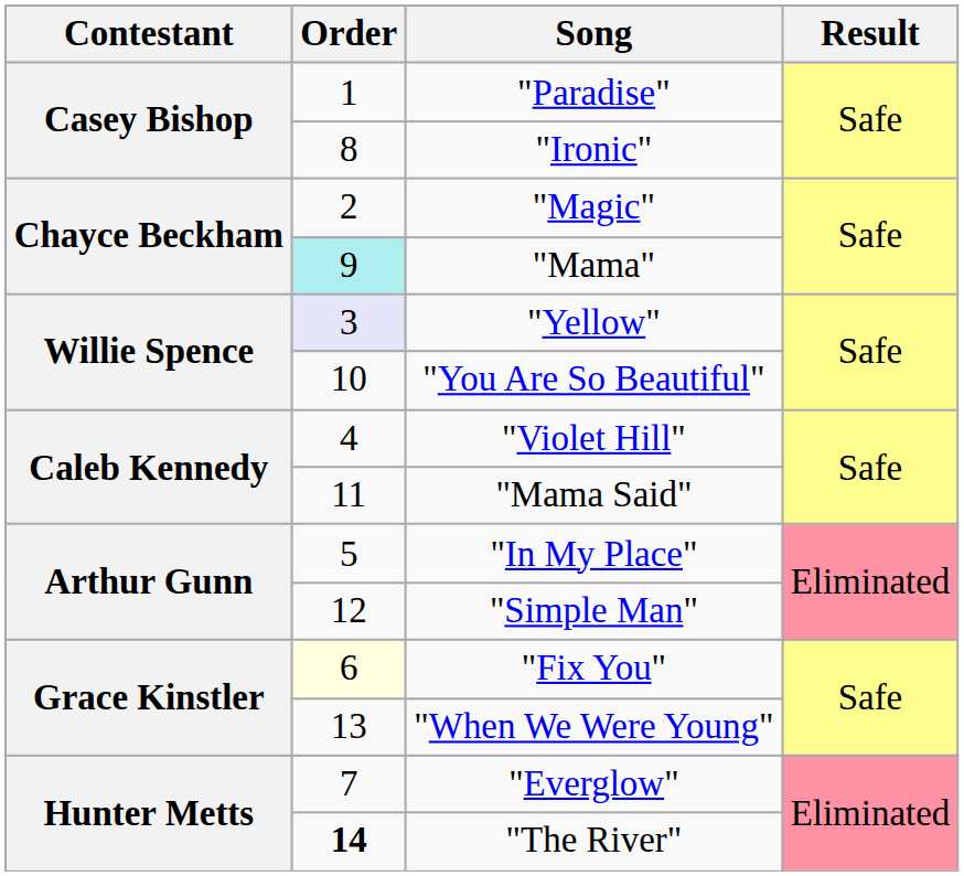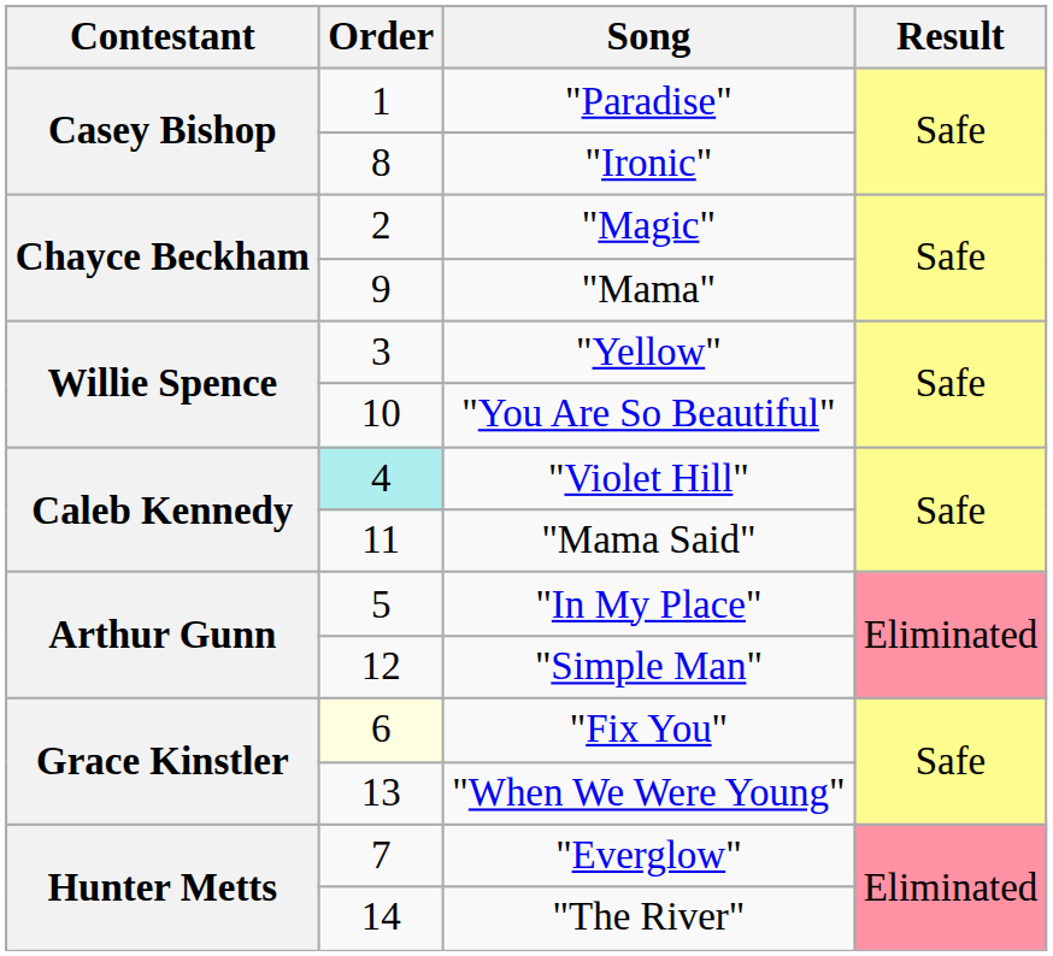 <table class="wikitable unsortable" style="text-align:center;">
 <tr>
 <th scope="col">Contestant</th>
 <th scope="col">Order</th>
 <th scope="col">Song</th>
 <th scope="col">Result</th>
 </tr>
 <tr>
 <th scope="row" rowspan="2">Casey Bishop</th>
 <td>1</td>
 <td>"<a href='#'>Paradise</a>"</td>
 <td rowspan="2" style="background:#FDFC8F;">Safe</td>
 </tr>
 <tr>
 <td>8</td>
 <td>"<a href='#'>Ironic</a>"</td>
 </tr>
 <tr>
 <th scope="row" rowspan="2">Chayce Beckham</th>
 <td>2</td>
 <td>"<a href='#'>Magic</a>"</td>
 <td rowspan="2" style="background:#FDFC8F;">Safe</td>
 </tr>
 <tr>
-<td style="background: paleturquoise;">9</td>
+<td>9</td>
 <td>"Mama"</td>
 </tr>
 <tr>
 <th scope="row" rowspan="2">Willie Spence</th>
-<td style="background: lavender;">3</td>
+<td>3</td>
 <td>"<a href='#'>Yellow</a>"</td>
 <td rowspan="2" style="background:#FDFC8F;">Safe</td>
 </tr>
 <tr>
 <td>10</td>
 <td>"<a href='#'>You Are So Beautiful</a>"</td>
 </tr>
 <tr>
 <th scope="row" rowspan="2">Caleb Kennedy</th>
-<td>4</td>
+<td style="background: paleturquoise;">4</td>
 <td>"<a href='#'>Violet Hill</a>"</td>
 <td rowspan="2" style="background:#FDFC8F;">Safe</td>
 </tr>
 <tr>
 <td>11</td>
 <td>"Mama Said"</td>
 </tr>
 <tr>
 <th scope="row" rowspan="2">Arthur Gunn</th>
 <td>5</td>
 <td>"<a href='#'>In My Place</a>"</td>
 <td rowspan="2" style="background:#FF91A4;">Eliminated</td>
 </tr>
 <tr>
 <td>12</td>
 <td>"<a href='#'>Simple Man</a>"</td>
 </tr>
 <tr>
 <th scope="row" rowspan="2">Grace Kinstler</th>
 <td style="background: lightyellow;">6</td>
 <td>"<a href='#'>Fix You</a>"</td>
 <td rowspan="2" style="background:#FDFC8F;">Safe</td>
 </tr>
 <tr>
 <td>13</td>
 <td>"<a href='#'>When We Were Young</a>"</td>
 </tr>
 <tr>
 <th scope="row" rowspan="2">Hunter Metts</th>
 <td>7</td>
 <td>"<a href='#'>Everglow</a>"</td>
 <td rowspan="2" style="background:#FF91A4;">Eliminated</td>
 </tr>
 <tr>
-<td><strong>14</strong></td>
+<td>14</td>
 <td>"The River"</td>
 </tr>
 </table>
